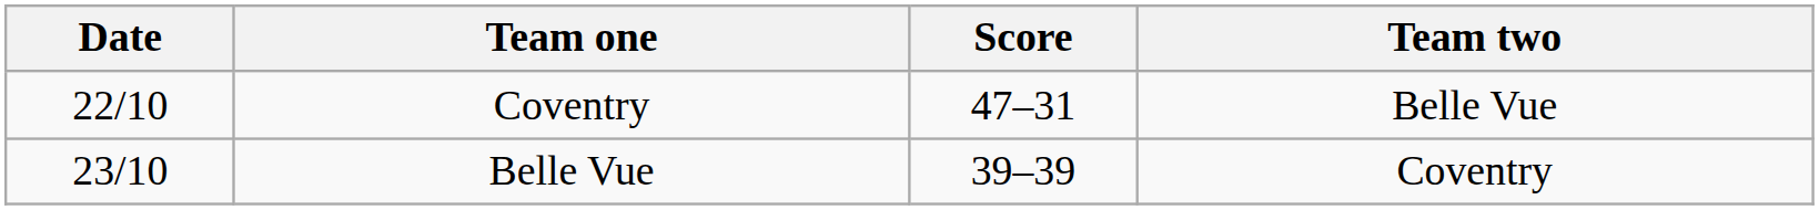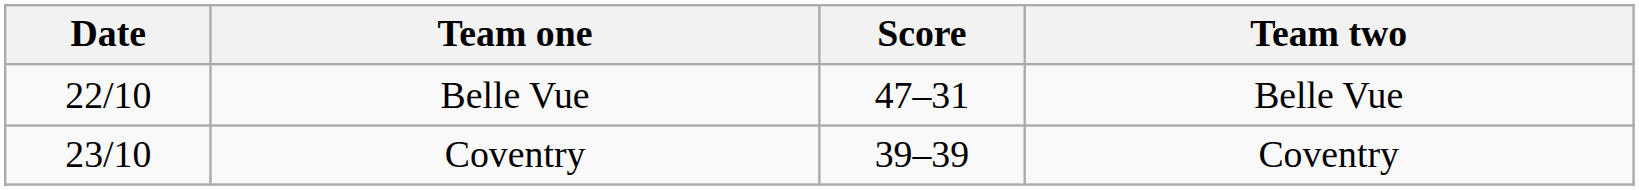 <table class="wikitable" style="text-align: center">
 <tr>
 <th width=80>Date</th>
 <th width=250>Team one</th>
 <th width=80>Score</th>
 <th width=250>Team two</th>
 </tr>
 <tr>
 <td>22/10</td>
-<td>Coventry</td>
+<td>Belle Vue</td>
 <td>47–31</td>
 <td>Belle Vue</td>
 </tr>
 <tr>
 <td>23/10</td>
-<td>Belle Vue</td>
+<td>Coventry</td>
 <td>39–39</td>
 <td>Coventry</td>
 </tr>
 </table>
